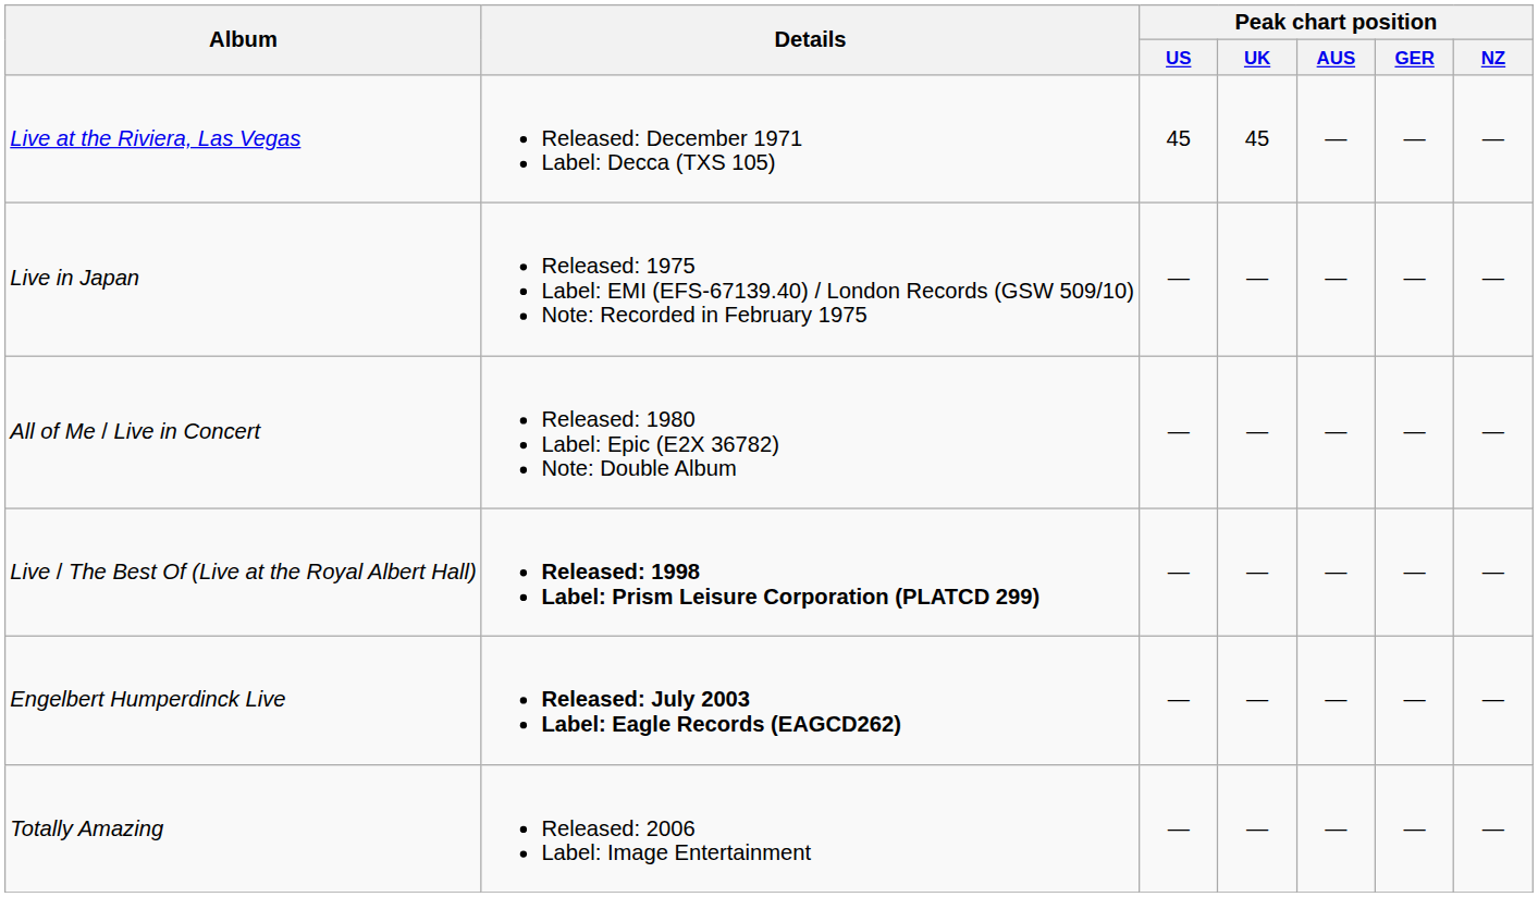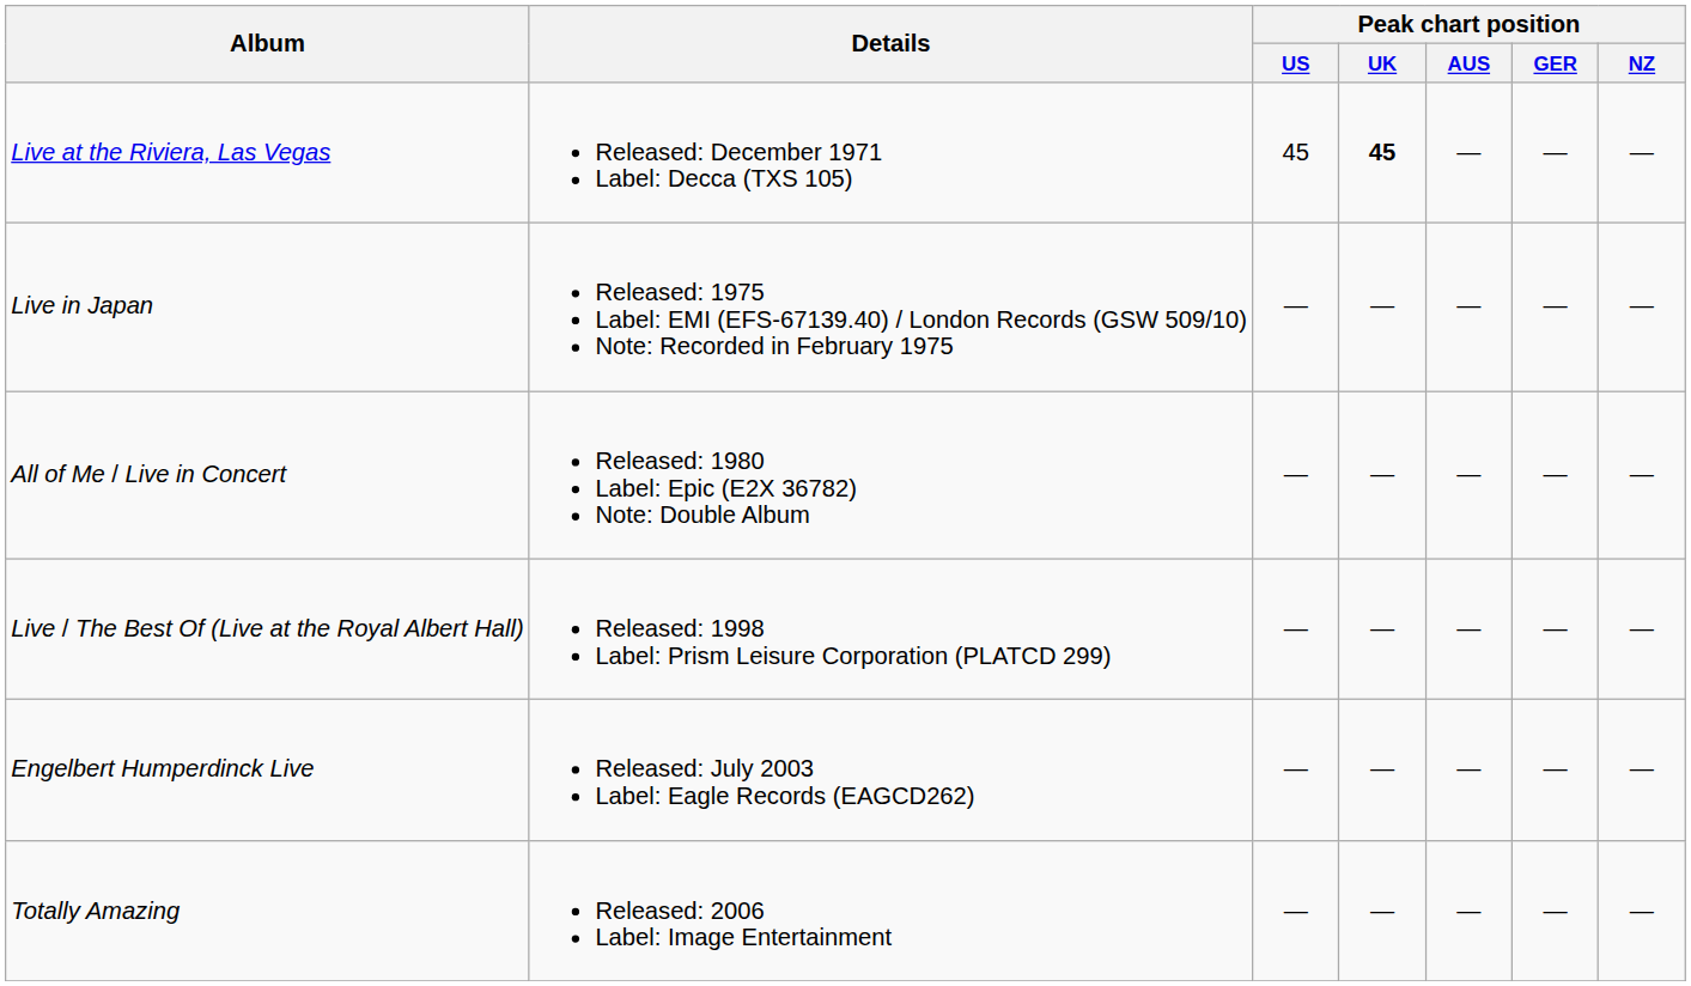 <table class="wikitable">
 <tr>
 <th rowspan="2">Album</th>
 <th rowspan="2">Details</th>
 <th colspan="5">Peak chart position</th>
 </tr>
 <tr>
 <th width="50"><small><a href='#'>US</a></small><br></th>
 <th width="50"><small><a href='#'>UK</a></small><br></th>
 <th width="50"><small><a href='#'>AUS</a></small><br></th>
 <th width="50"><small><a href='#'>GER</a></small><br></th>
 <th width="50"><small><a href='#'>NZ</a></small><br></th>
 </tr>
 <tr>
 <td><em><a href='#'>Live at the Riviera, Las Vegas</a></em></td>
 <td><br><ul><li>Released: December 1971</li><li>Label: Decca (TXS 105)</li></ul></td>
 <td align="center">45</td>
-<td align="center">45</td>
+<td align="center"><strong>45</strong></td>
 <td align="center">—</td>
 <td align="center">—</td>
 <td align="center">—</td>
 </tr>
 <tr>
 <td><em>Live in Japan</em></td>
 <td><br><ul><li>Released: 1975</li><li>Label: EMI (EFS-67139.40) / London Records (GSW 509/10)</li><li>Note: Recorded in February 1975</li></ul></td>
 <td align="center">—</td>
 <td align="center">—</td>
 <td align="center">—</td>
 <td align="center">—</td>
 <td align="center">—</td>
 </tr>
 <tr>
 <td><em>All of Me</em> / <em>Live in Concert</em></td>
 <td><br><ul><li>Released: 1980</li><li>Label: Epic (E2X 36782)</li><li>Note: Double Album</li></ul></td>
 <td align="center">—</td>
 <td align="center">—</td>
 <td align="center">—</td>
 <td align="center">—</td>
 <td align="center">—</td>
 </tr>
 <tr>
 <td><em>Live</em> / <em>The Best Of (Live at the Royal Albert Hall)</em></td>
-<td><strong><br><ul><li>Released: 1998</li><li>Label: Prism Leisure Corporation (PLATCD 299)</li></ul></strong></td>
+<td><br><ul><li>Released: 1998</li><li>Label: Prism Leisure Corporation (PLATCD 299)</li></ul></td>
 <td align="center">—</td>
 <td align="center">—</td>
 <td align="center">—</td>
 <td align="center">—</td>
 <td align="center">—</td>
 </tr>
 <tr>
 <td><em>Engelbert Humperdinck Live</em></td>
-<td><strong><br><ul><li>Released: July 2003</li><li>Label: Eagle Records (EAGCD262)</li></ul></strong></td>
+<td><br><ul><li>Released: July 2003</li><li>Label: Eagle Records (EAGCD262)</li></ul></td>
 <td align="center">—</td>
 <td align="center">—</td>
 <td align="center">—</td>
 <td align="center">—</td>
 <td align="center">—</td>
 </tr>
 <tr>
 <td><em>Totally Amazing</em></td>
 <td><br><ul><li>Released: 2006</li><li>Label: Image Entertainment</li></ul></td>
 <td align="center">—</td>
 <td align="center">—</td>
 <td align="center">—</td>
 <td align="center">—</td>
 <td align="center">—</td>
 </tr>
 </table>
